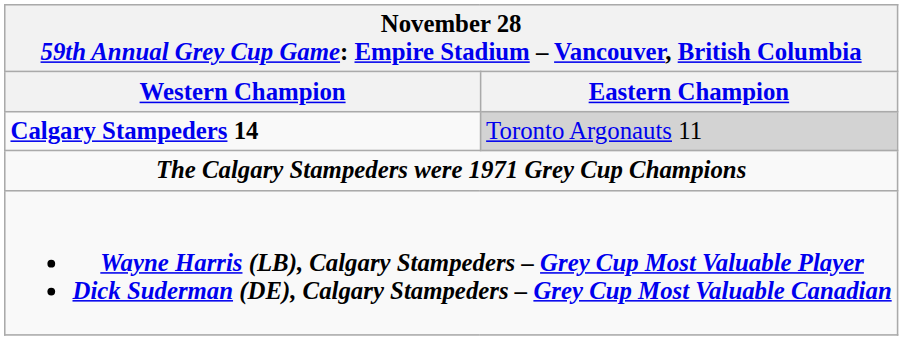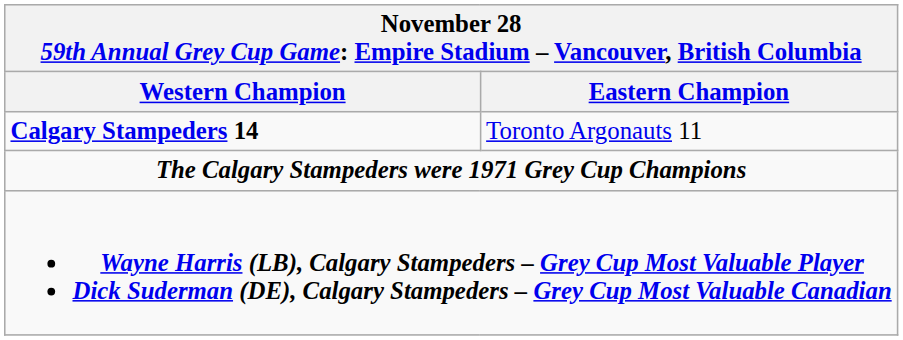 <table class="wikitable">
 <tr>
 <th colspan="4">November 28<br><a href='#'><em>59th Annual Grey Cup Game</em></a>: <a href='#'>Empire Stadium</a> – <a href='#'>Vancouver</a>, <a href='#'>British Columbia</a></th>
 </tr>
 <tr>
 <th><a href='#'>Western Champion</a></th>
 <th><a href='#'>Eastern Champion</a></th>
 </tr>
 <tr>
 <td><strong><a href='#'>Calgary Stampeders</a> 14</strong></td>
-<td style="background: lightgrey;"><a href='#'>Toronto Argonauts</a> 11</td>
+<td><a href='#'>Toronto Argonauts</a> 11</td>
 </tr>
 <tr>
 <td align="center" colspan="4"><strong><em>The Calgary Stampeders were 1971 Grey Cup Champions</em></strong></td>
 </tr>
 <tr>
 <td align="center" colspan="4"><br><ul><li><strong><em><a href='#'>Wayne Harris</a> (LB), Calgary Stampeders – <a href='#'>Grey Cup Most Valuable Player</a></em></strong></li><li><strong><em><a href='#'>Dick Suderman</a> (DE), Calgary Stampeders – <a href='#'>Grey Cup Most Valuable Canadian</a></em></strong></li></ul></td>
 </tr>
 </table>
